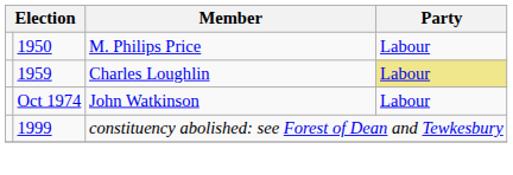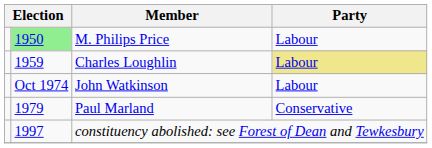 <table class="wikitable">
 <tr>
 <th colspan="2">Election</th>
 <th>Member</th>
 <th>Party</th>
 </tr>
 <tr>
 <td style="color:inherit;background-color: "></td>
-<td><a href='#'>1950</a></td>
+<td style="background: lightgreen;"><a href='#'>1950</a></td>
 <td><a href='#'>M. Philips Price</a></td>
 <td><a href='#'>Labour</a></td>
 </tr>
 <tr>
 <td style="color:inherit;background-color: "></td>
 <td><a href='#'>1959</a></td>
 <td><a href='#'>Charles Loughlin</a></td>
 <td style="background: khaki;"><a href='#'>Labour</a></td>
 </tr>
 <tr>
 <td style="color:inherit;background-color: "></td>
 <td><a href='#'>Oct 1974</a></td>
 <td><a href='#'>John Watkinson</a></td>
 <td><a href='#'>Labour</a></td>
 </tr>
 <tr>
+<td style="color:inherit;background-color: "></td>
+<td><a href='#'>1979</a></td>
+<td><a href='#'>Paul Marland</a></td>
+<td><a href='#'>Conservative</a></td>
+</tr>
+<tr>
 <td></td>
-<td><a href='#'>1999</a></td>
+<td><a href='#'>1997</a></td>
 <td colspan="2"><em>constituency abolished: see <a href='#'>Forest of Dean</a> and <a href='#'>Tewkesbury</a></em></td>
 </tr>
 <tr>
 </tr>
 </table>
